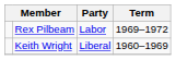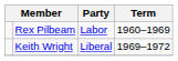 <table class="wikitable">
 <tr>
 <th colspan="2">Member</th>
 <th>Party</th>
 <th>Term</th>
 </tr>
 <tr>
 <td> </td>
 <td><a href='#'>Rex Pilbeam</a></td>
 <td><a href='#'>Labor</a></td>
-<td>1969–1972</td>
+<td>1960–1969</td>
 </tr>
 <tr>
 <td> </td>
 <td><a href='#'>Keith Wright</a></td>
 <td><a href='#'>Liberal</a></td>
-<td>1960–1969</td>
+<td>1969–1972</td>
 </tr>
 <tr>
 </tr>
 </table>
